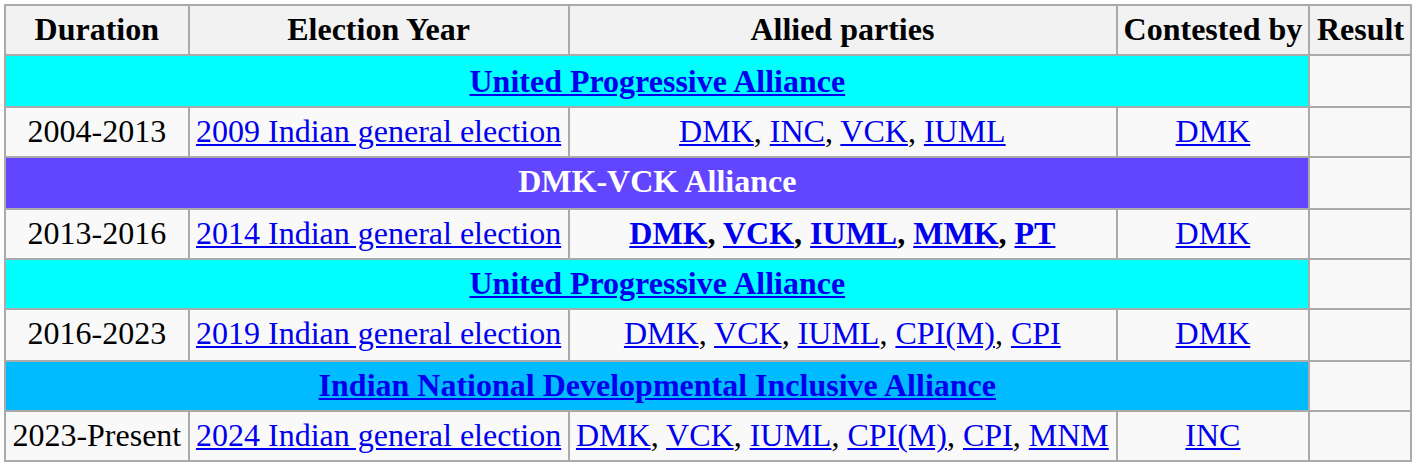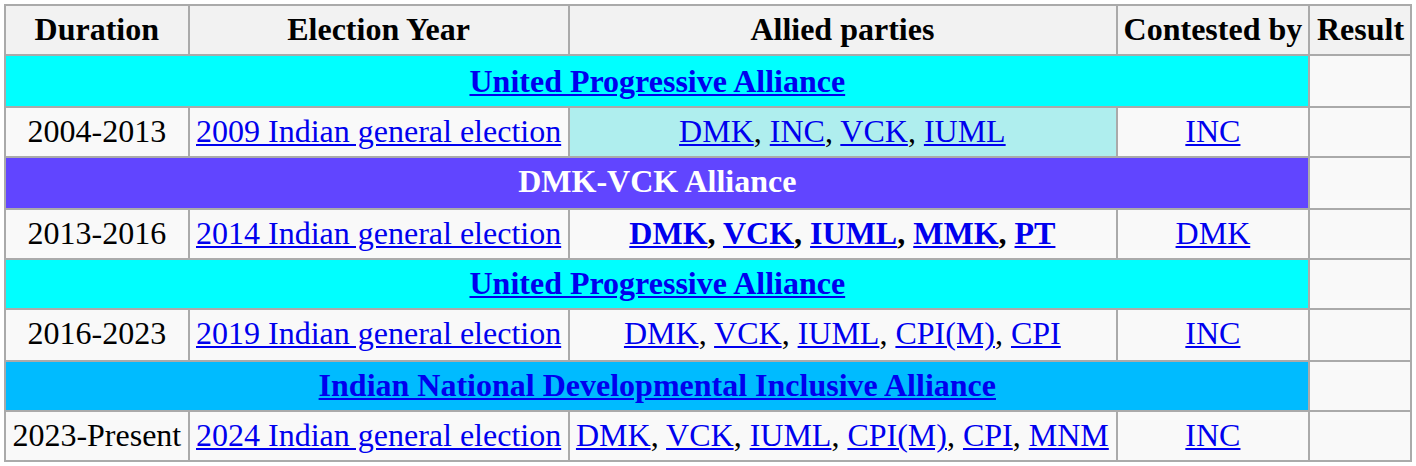 <table class="wikitable">
 <tr>
 <th>Duration</th>
 <th>Election Year</th>
 <th>Allied parties</th>
 <th>Contested by</th>
 <th>Result</th>
 </tr>
 <tr style="text-align:center;">
 <th colspan=4 style="text-align:center;vertical-align:middle;background-color:#00FFFF;"><a href='#'>United Progressive Alliance</a></th>
 </tr>
 <tr style="text-align:center;">
 <td>2004-2013</td>
 <td><a href='#'>2009 Indian general election</a></td>
-<td><a href='#'>DMK</a>, <a href='#'>INC</a>, <a href='#'>VCK</a>, <a href='#'>IUML</a></td>
-<td><a href='#'>DMK</a></td>
+<td style="background: paleturquoise;"><a href='#'>DMK</a>, <a href='#'>INC</a>, <a href='#'>VCK</a>, <a href='#'>IUML</a></td>
+<td><a href='#'>INC</a></td>
 <td></td>
 </tr>
 <tr style="text-align:center;">
 <th colspan=4 style="text-align:center;vertical-align:middle;background-color:#6145ff;color:white;">DMK-VCK Alliance</th>
 </tr>
 <tr style="text-align:center;">
 <td>2013-2016</td>
 <td><a href='#'>2014 Indian general election</a></td>
 <td><strong><a href='#'>DMK</a>, <a href='#'>VCK</a>, <a href='#'>IUML</a>,  <a href='#'>MMK</a>, <a href='#'>PT</a></strong></td>
 <td><a href='#'>DMK</a></td>
 <td></td>
 </tr>
 <tr style="text-align:center;">
 <th colspan=4 style="text-align:center;vertical-align:middle;background-color:#00FFFF;"><a href='#'>United Progressive Alliance</a></th>
 </tr>
 <tr style="text-align:center;">
 <td>2016-2023</td>
 <td><a href='#'>2019 Indian general election</a></td>
 <td><a href='#'>DMK</a>, <a href='#'>VCK</a>, <a href='#'>IUML</a>,  <a href='#'>CPI(M)</a>, <a href='#'>CPI</a></td>
-<td><a href='#'>DMK</a></td>
+<td><a href='#'>INC</a></td>
 <td></td>
 </tr>
 <tr style="text-align:center;">
 <th colspan=4 style="text-align:center;vertical-align:middle;background-color:#00BBFF;"><a href='#'>Indian National Developmental Inclusive Alliance</a></th>
 </tr>
 <tr style="text-align:center;">
 <td>2023-Present</td>
 <td><a href='#'>2024 Indian general election</a></td>
 <td><a href='#'>DMK</a>, <a href='#'>VCK</a>, <a href='#'>IUML</a>,  <a href='#'>CPI(M)</a>, <a href='#'>CPI</a>, <a href='#'>MNM</a></td>
 <td><a href='#'>INC</a></td>
 <td></td>
 </tr>
 </table>
